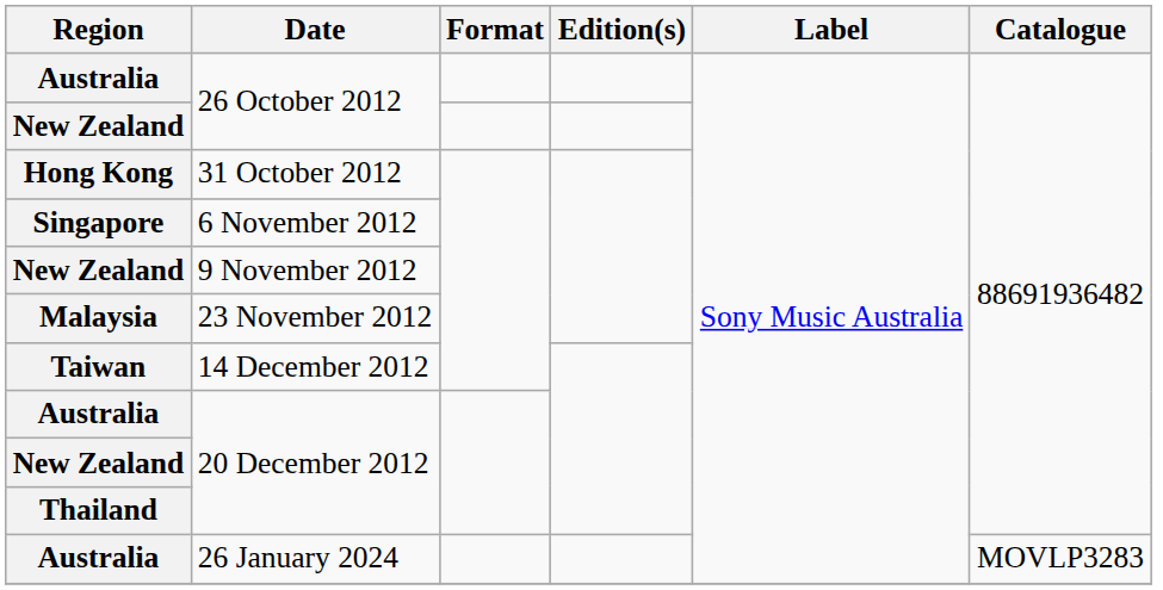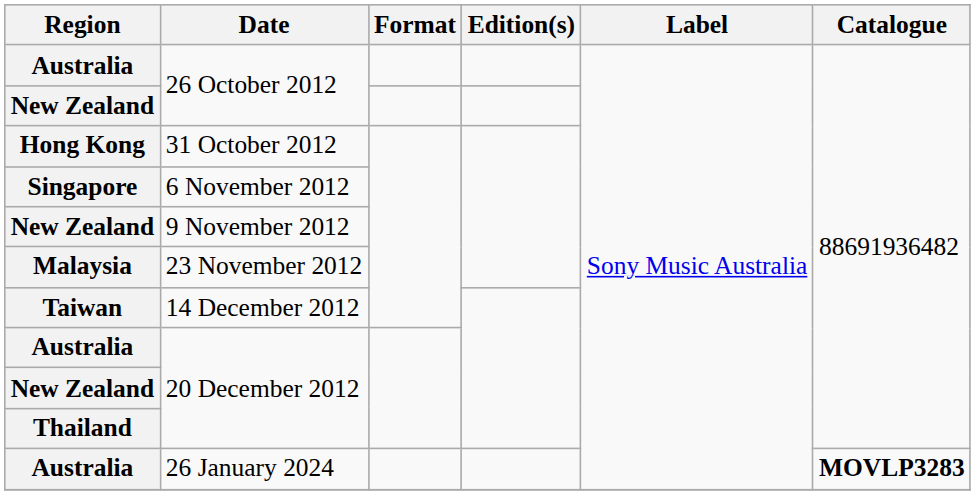 <table class="wikitable plainrowheaders">
 <tr>
 <th scope="col">Region</th>
 <th scope="col">Date</th>
 <th scope="col">Format</th>
 <th scope="col">Edition(s)</th>
 <th scope="col">Label</th>
 <th scope="col">Catalogue</th>
 </tr>
 <tr>
 <th scope="row">Australia</th>
 <td rowspan="2">26 October 2012</td>
 <td></td>
 <td></td>
 <td rowspan="11"><a href='#'>Sony Music Australia</a></td>
 <td rowspan="10">88691936482</td>
 </tr>
 <tr>
 <th scope="row">New Zealand</th>
 <td></td>
 <td></td>
 </tr>
 <tr>
 <th scope="row">Hong Kong</th>
 <td>31 October 2012</td>
 <td rowspan="5"></td>
 <td rowspan="4"></td>
 </tr>
 <tr>
 <th scope="row">Singapore</th>
 <td>6 November 2012</td>
 </tr>
 <tr>
 <th scope="row">New Zealand</th>
 <td>9 November 2012</td>
 </tr>
 <tr>
 <th scope="row">Malaysia</th>
 <td>23 November 2012</td>
 </tr>
 <tr>
 <th scope="row">Taiwan</th>
 <td>14 December 2012</td>
 <td rowspan="4"></td>
 </tr>
 <tr>
 <th scope="row">Australia</th>
 <td rowspan="3">20 December 2012</td>
 <td rowspan="3"></td>
 </tr>
 <tr>
 <th scope="row">New Zealand</th>
 </tr>
 <tr>
 <th scope="row">Thailand</th>
 </tr>
 <tr>
 <th scope="row">Australia</th>
 <td>26  January 2024</td>
 <td></td>
 <td></td>
-<td>MOVLP3283</td>
+<td><strong>MOVLP3283</strong></td>
 </tr>
 <tr>
 </tr>
 </table>
